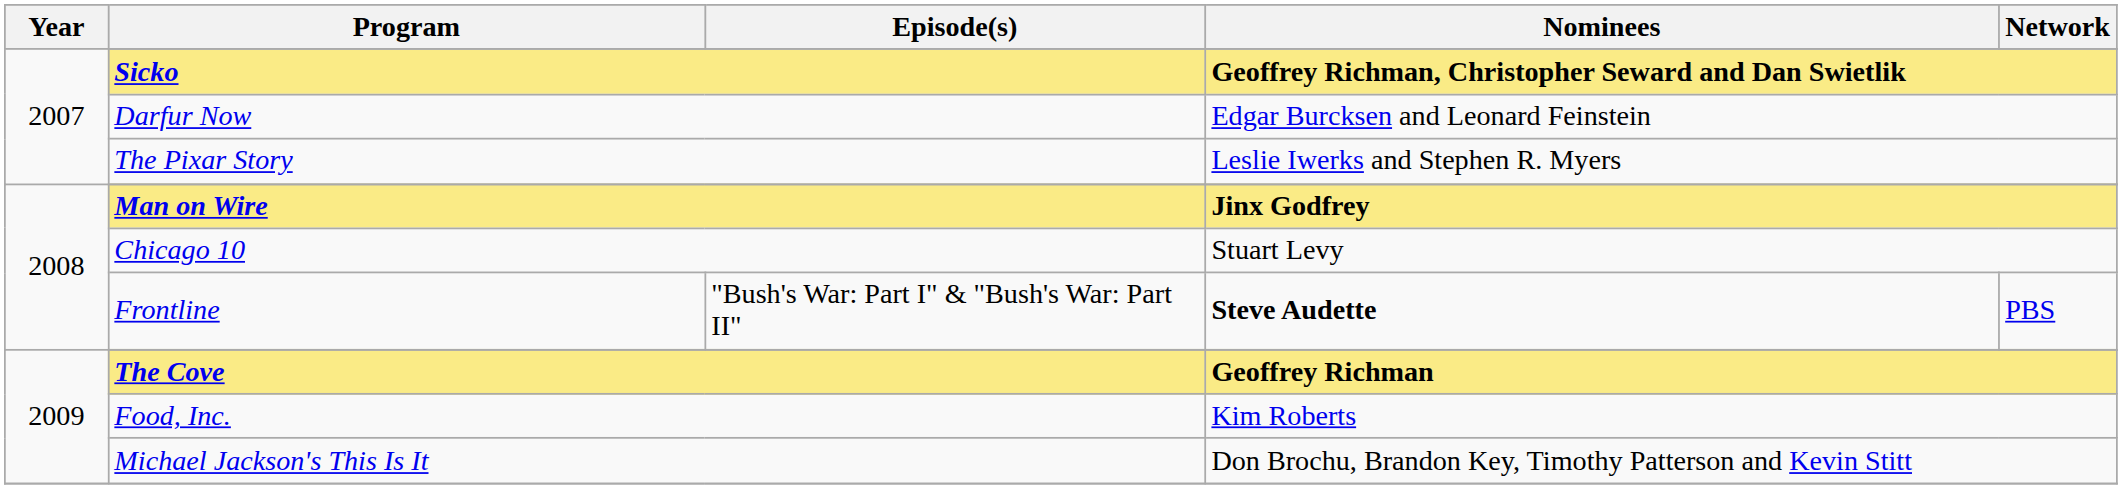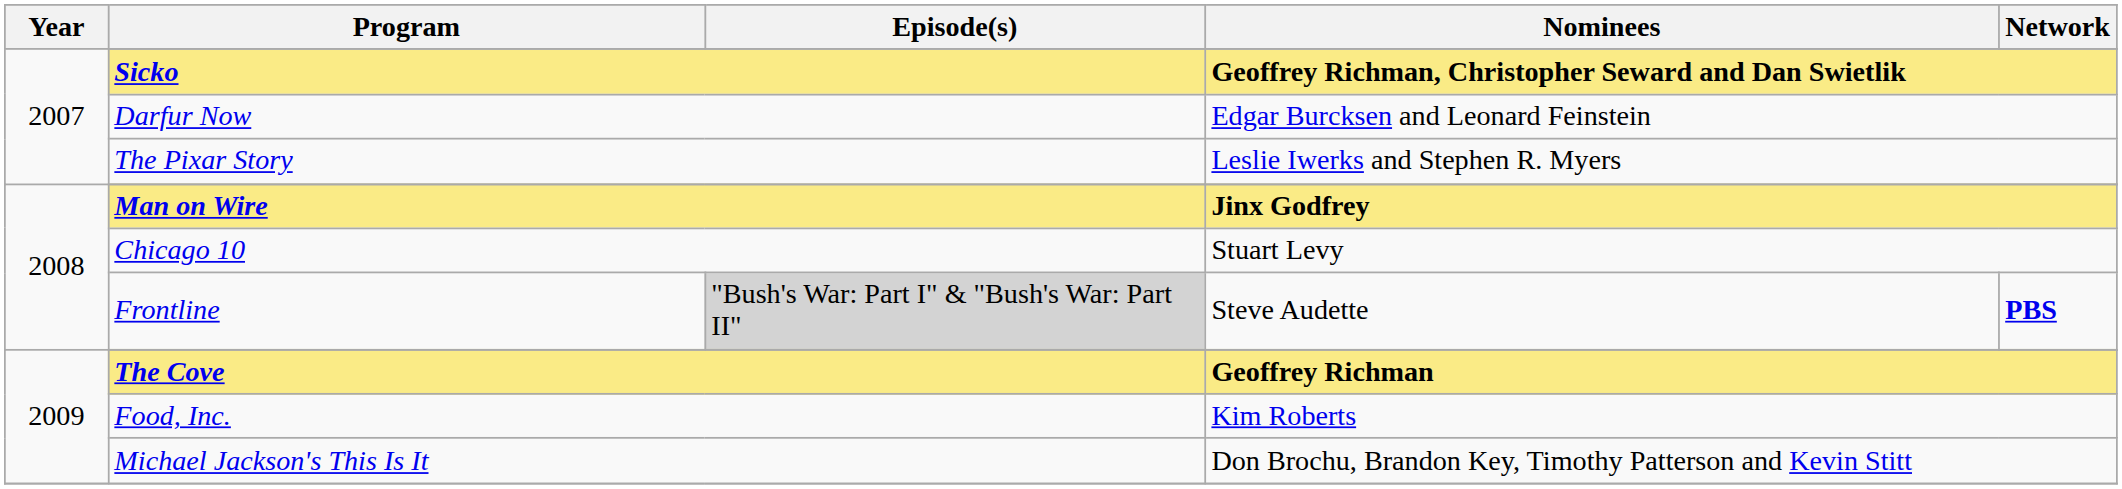 <table class="wikitable" style="width:95%">
 <tr bgcolor="#bebebe">
 <th width="5%">Year</th>
 <th width="30%">Program</th>
 <th width="25%">Episode(s)</th>
 <th width="40%">Nominees</th>
 <th width="10%">Network</th>
 </tr>
 <tr>
 <td rowspan=4 style="text-align:center">2007<br></td>
 </tr>
 <tr style="background:#FAEB86">
 <td colspan="2"><strong><em><a href='#'>Sicko</a></em></strong></td>
 <td colspan="2"><strong>Geoffrey Richman, Christopher Seward and Dan Swietlik</strong></td>
 </tr>
 <tr>
 <td colspan="2"><em><a href='#'>Darfur Now</a></em></td>
 <td colspan="2"><a href='#'>Edgar Burcksen</a> and Leonard Feinstein</td>
 </tr>
 <tr>
 <td colspan="2"><em><a href='#'>The Pixar Story</a></em></td>
 <td colspan="2"><a href='#'>Leslie Iwerks</a> and Stephen R. Myers</td>
 </tr>
 <tr>
 <td rowspan=4 style="text-align:center">2008<br></td>
 </tr>
 <tr style="background:#FAEB86">
 <td colspan="2"><strong><em><a href='#'>Man on Wire</a></em></strong></td>
 <td colspan="2"><strong>Jinx Godfrey</strong></td>
 </tr>
 <tr>
 <td colspan="2"><em><a href='#'>Chicago 10</a></em></td>
 <td colspan="2">Stuart Levy</td>
 </tr>
 <tr>
 <td><em><a href='#'>Frontline</a></em></td>
-<td>"Bush's War: Part I" & "Bush's War: Part II"</td>
-<td><strong>Steve Audette</strong></td>
-<td><a href='#'>PBS</a></td>
+<td style="background: lightgrey;">"Bush's War: Part I" & "Bush's War: Part II"</td>
+<td>Steve Audette</td>
+<td><strong><a href='#'>PBS</a></strong></td>
 </tr>
 <tr>
 <td rowspan=4 style="text-align:center">2009<br></td>
 </tr>
 <tr style="background:#FAEB86">
 <td colspan="2"><strong><em><a href='#'>The Cove</a></em></strong></td>
 <td colspan="2"><strong>Geoffrey Richman</strong></td>
 </tr>
 <tr>
 <td colspan="2"><em><a href='#'>Food, Inc.</a></em></td>
 <td colspan="2"><a href='#'>Kim Roberts</a></td>
 </tr>
 <tr>
 <td colspan="2"><em><a href='#'>Michael Jackson's This Is It</a></em></td>
 <td colspan="2">Don Brochu, Brandon Key, Timothy Patterson and <a href='#'>Kevin Stitt</a></td>
 </tr>
 <tr>
 </tr>
 </table>
